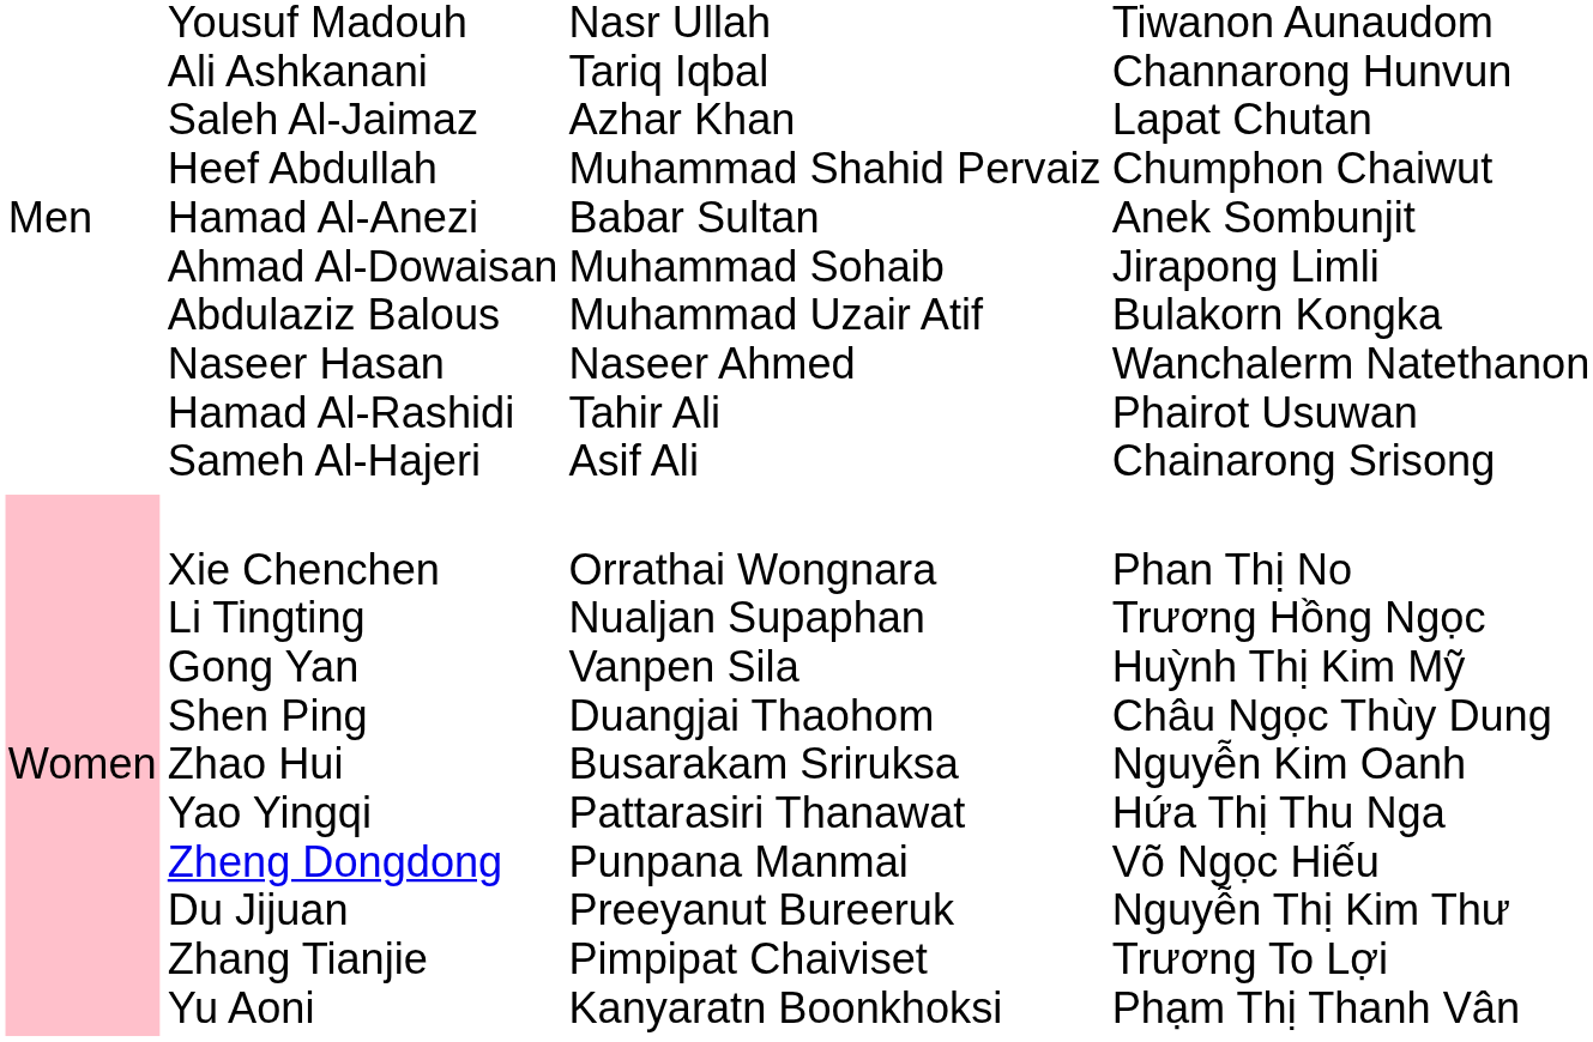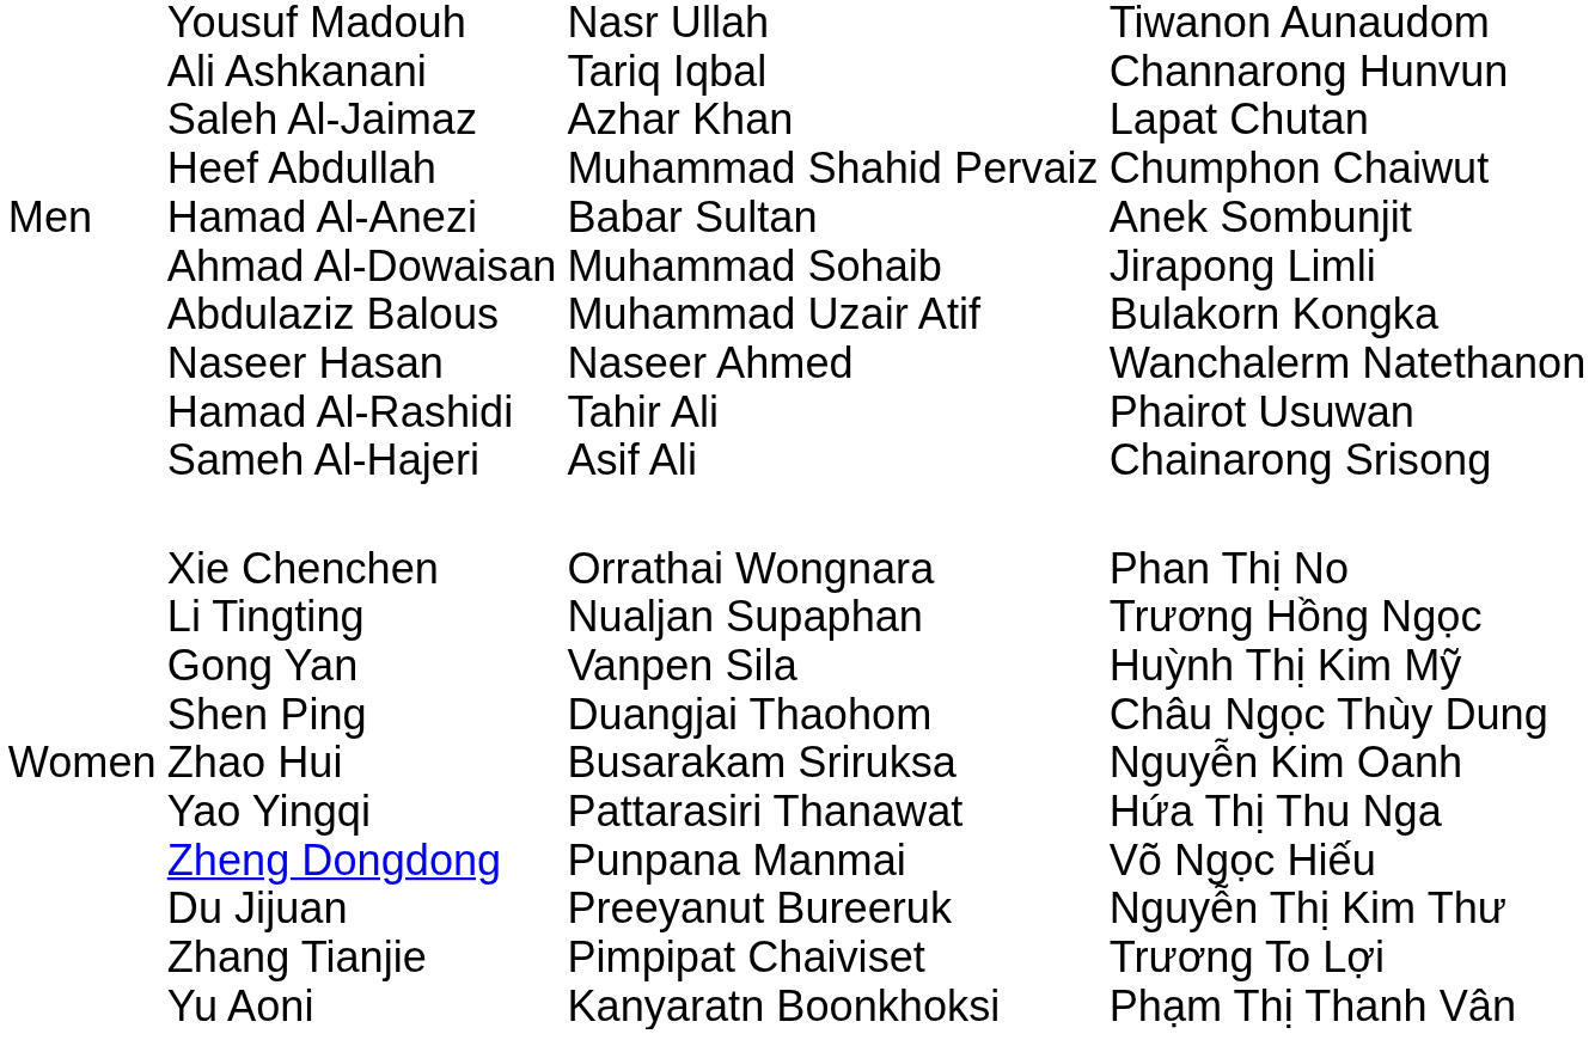 <table>
 <tr>
 <td>Men</td>
 <td><br>Yousuf Madouh<br>Ali Ashkanani<br>Saleh Al-Jaimaz<br>Heef Abdullah<br>Hamad Al-Anezi<br>Ahmad Al-Dowaisan<br>Abdulaziz Balous<br>Naseer Hasan<br>Hamad Al-Rashidi<br>Sameh Al-Hajeri</td>
 <td><br>Nasr Ullah<br>Tariq Iqbal<br>Azhar Khan<br>Muhammad Shahid Pervaiz<br>Babar Sultan<br>Muhammad Sohaib<br>Muhammad Uzair Atif<br>Naseer Ahmed<br>Tahir Ali<br>Asif Ali</td>
 <td><br>Tiwanon Aunaudom<br>Channarong Hunvun<br>Lapat Chutan<br>Chumphon Chaiwut<br>Anek Sombunjit<br>Jirapong Limli<br>Bulakorn Kongka<br>Wanchalerm Natethanon<br>Phairot Usuwan<br>Chainarong Srisong</td>
 </tr>
 <tr>
-<td style="background: pink;">Women</td>
+<td>Women</td>
 <td><br>Xie Chenchen<br>Li Tingting<br>Gong Yan<br>Shen Ping<br>Zhao Hui<br>Yao Yingqi<br><a href='#'>Zheng Dongdong</a><br>Du Jijuan<br>Zhang Tianjie<br>Yu Aoni</td>
 <td><br>Orrathai Wongnara<br>Nualjan Supaphan<br>Vanpen Sila<br>Duangjai Thaohom<br>Busarakam Sriruksa<br>Pattarasiri Thanawat<br>Punpana Manmai<br>Preeyanut Bureeruk<br>Pimpipat Chaiviset <br>Kanyaratn Boonkhoksi</td>
 <td><br>Phan Thị No<br>Trương Hồng Ngọc<br>Huỳnh Thị Kim Mỹ<br>Châu Ngọc Thùy Dung<br>Nguyễn Kim Oanh<br>Hứa Thị Thu Nga<br>Võ Ngọc Hiếu<br>Nguyễn Thị Kim Thư<br>Trương To Lợi<br>Phạm Thị Thanh Vân</td>
 </tr>
 </table>
